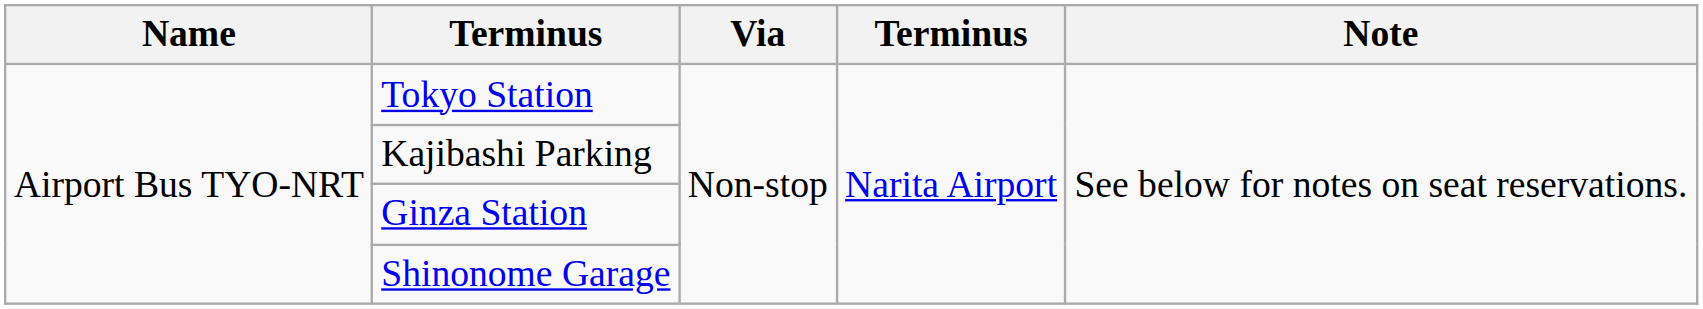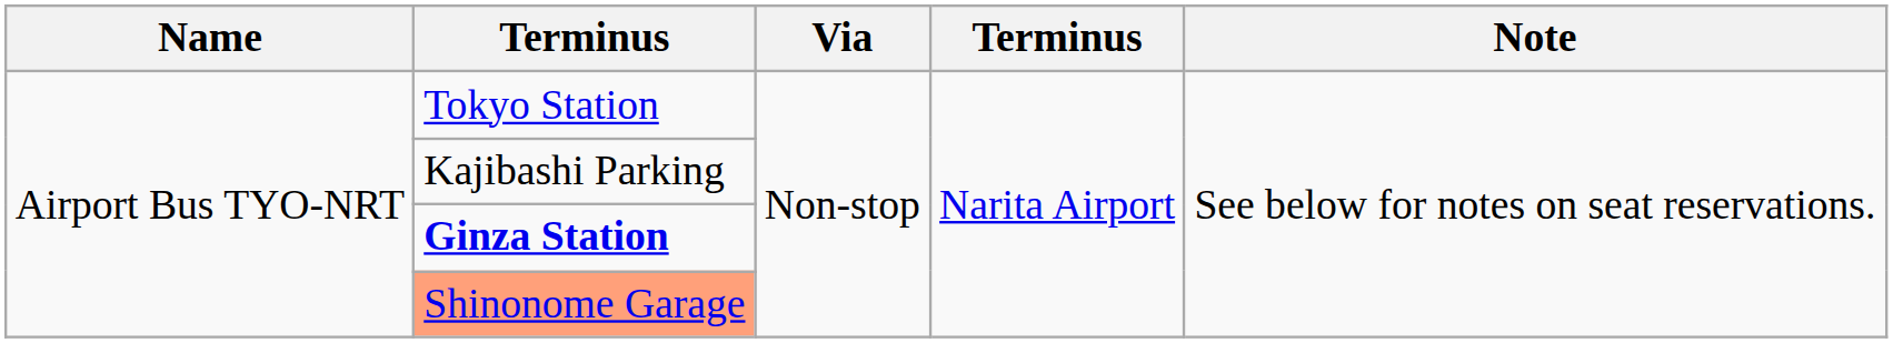 <table class="wikitable">
 <tr>
 <th>Name</th>
 <th>Terminus</th>
 <th>Via</th>
 <th>Terminus</th>
 <th>Note</th>
 </tr>
 <tr>
 <td rowspan="4">Airport Bus TYO-NRT</td>
 <td><a href='#'>Tokyo Station</a></td>
 <td rowspan="4">Non-stop</td>
 <td rowspan="4"><a href='#'>Narita Airport</a></td>
 <td rowspan="4">See below for notes on seat reservations.</td>
 </tr>
 <tr>
 <td>Kajibashi Parking</td>
 </tr>
 <tr>
-<td><a href='#'>Ginza Station</a></td>
+<td><strong><a href='#'>Ginza Station</a></strong></td>
 </tr>
 <tr>
-<td><a href='#'>Shinonome Garage</a></td>
+<td style="background: lightsalmon;"><a href='#'>Shinonome Garage</a></td>
 </tr>
 </table>
